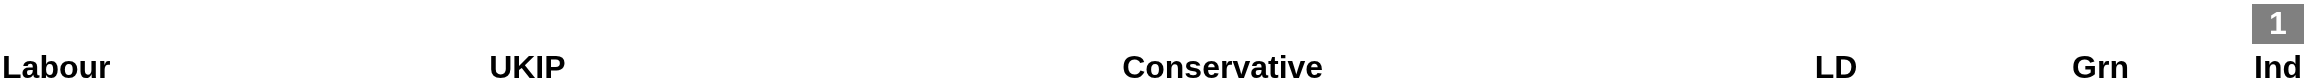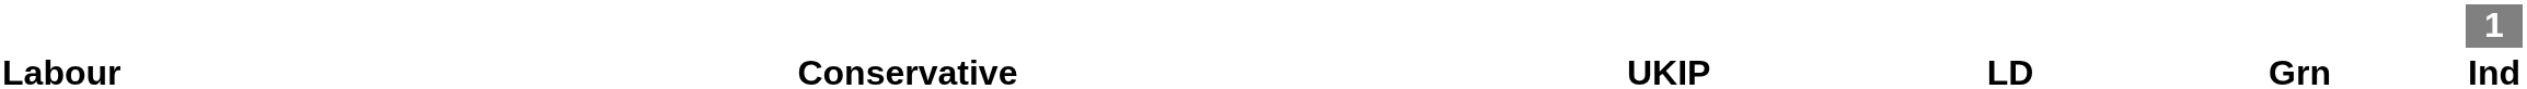 <table style="width:100%; text-align:center;">
 <tr style="color:white;">
 <td style="background-color:"><strong>21</strong></td>
+<td style="background-color:"><strong>13</strong></td>
 <td style="background-color:"><strong>4</strong></td>
-<td style="background-color:"><strong>13</strong></td>
 <td style="background-color:"><strong>1</strong></td>
 <td style="background-color:"><strong>1</strong></td>
 <td style="background-color:gray; width:2%;"><strong>1</strong></td>
 </tr>
 <tr>
 <td><span><strong>Labour</strong></span></td>
+<td><span><strong>Conservative</strong></span></td>
 <td><span><strong>UKIP</strong></span></td>
-<td><span><strong>Conservative</strong></span></td>
 <td><span><strong>LD</strong></span></td>
 <td><span><strong>Grn</strong></span></td>
 <td><span><strong>Ind</strong></span></td>
 </tr>
 </table>
